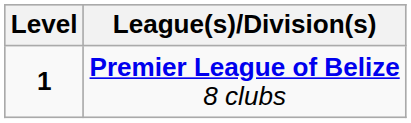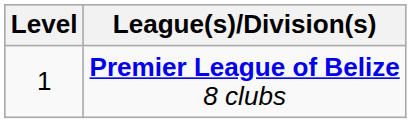 <table class="wikitable" style="text-align: center;">
 <tr>
 <th>Level</th>
 <th colspan="12">League(s)/Division(s)</th>
 </tr>
 <tr>
-<td><strong>1</strong></td>
+<td>1</td>
 <td colspan="12"><strong><a href='#'>Premier League of Belize</a></strong><br><em>8 clubs</em></td>
 </tr>
 </table>
